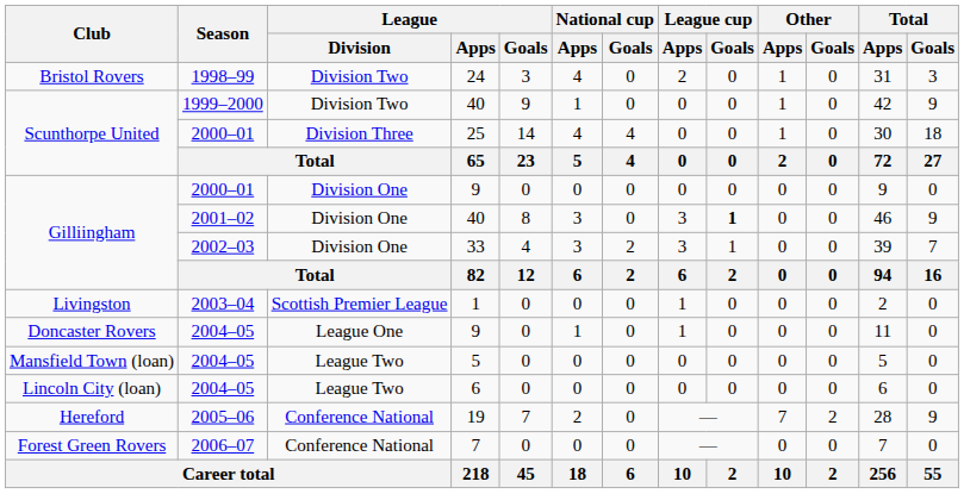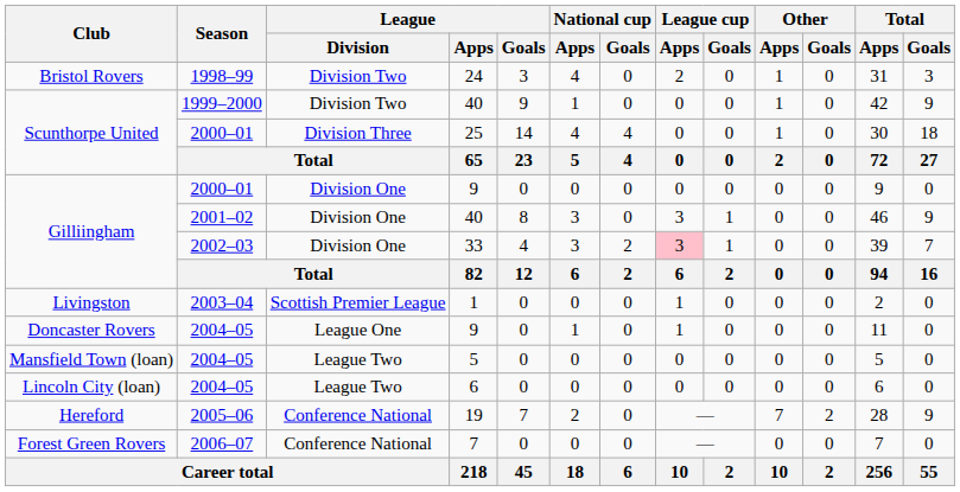 <table class="wikitable" style="text-align: center">
 <tr>
 <th rowspan="2">Club</th>
 <th rowspan="2">Season</th>
 <th colspan="3">League</th>
 <th colspan="2">National cup</th>
 <th colspan="2">League cup</th>
 <th colspan="2">Other</th>
 <th colspan="2">Total</th>
 </tr>
 <tr>
 <th>Division</th>
 <th>Apps</th>
 <th>Goals</th>
 <th>Apps</th>
 <th>Goals</th>
 <th>Apps</th>
 <th>Goals</th>
 <th>Apps</th>
 <th>Goals</th>
 <th>Apps</th>
 <th>Goals</th>
 </tr>
 <tr>
 <td><a href='#'>Bristol Rovers</a></td>
 <td><a href='#'>1998–99</a></td>
 <td><a href='#'>Division Two</a></td>
 <td>24</td>
 <td>3</td>
 <td>4</td>
 <td>0</td>
 <td>2</td>
 <td>0</td>
 <td>1</td>
 <td>0</td>
 <td>31</td>
 <td>3</td>
 </tr>
 <tr>
 <td rowspan="3"><a href='#'>Scunthorpe United</a></td>
 <td><a href='#'>1999–2000</a></td>
 <td>Division Two</td>
 <td>40</td>
 <td>9</td>
 <td>1</td>
 <td>0</td>
 <td>0</td>
 <td>0</td>
 <td>1</td>
 <td>0</td>
 <td>42</td>
 <td>9</td>
 </tr>
 <tr>
 <td><a href='#'>2000–01</a></td>
 <td><a href='#'>Division Three</a></td>
 <td>25</td>
 <td>14</td>
 <td>4</td>
 <td>4</td>
 <td>0</td>
 <td>0</td>
 <td>1</td>
 <td>0</td>
 <td>30</td>
 <td>18</td>
 </tr>
 <tr>
 <th colspan="2">Total</th>
 <th>65</th>
 <th>23</th>
 <th>5</th>
 <th>4</th>
 <th>0</th>
 <th>0</th>
 <th>2</th>
 <th>0</th>
 <th>72</th>
 <th>27</th>
 </tr>
 <tr>
 <td rowspan="4"><a href='#'>Gilliingham</a></td>
 <td><a href='#'>2000–01</a></td>
 <td><a href='#'>Division One</a></td>
 <td>9</td>
 <td>0</td>
 <td>0</td>
 <td>0</td>
 <td>0</td>
 <td>0</td>
 <td>0</td>
 <td>0</td>
 <td>9</td>
 <td>0</td>
 </tr>
 <tr>
 <td><a href='#'>2001–02</a></td>
 <td>Division One</td>
 <td>40</td>
 <td>8</td>
 <td>3</td>
 <td>0</td>
 <td>3</td>
-<td><strong>1</strong></td>
+<td>1</td>
 <td>0</td>
 <td>0</td>
 <td>46</td>
 <td>9</td>
 </tr>
 <tr>
 <td><a href='#'>2002–03</a></td>
 <td>Division One</td>
 <td>33</td>
 <td>4</td>
 <td>3</td>
 <td>2</td>
-<td>3</td>
+<td style="background: pink;">3</td>
 <td>1</td>
 <td>0</td>
 <td>0</td>
 <td>39</td>
 <td>7</td>
 </tr>
 <tr>
 <th colspan="2">Total</th>
 <th>82</th>
 <th>12</th>
 <th>6</th>
 <th>2</th>
 <th>6</th>
 <th>2</th>
 <th>0</th>
 <th>0</th>
 <th>94</th>
 <th>16</th>
 </tr>
 <tr>
 <td><a href='#'>Livingston</a></td>
 <td><a href='#'>2003–04</a></td>
 <td><a href='#'>Scottish Premier League</a></td>
 <td>1</td>
 <td>0</td>
 <td>0</td>
 <td>0</td>
 <td>1</td>
 <td>0</td>
 <td>0</td>
 <td>0</td>
 <td>2</td>
 <td>0</td>
 </tr>
 <tr>
 <td><a href='#'>Doncaster Rovers</a></td>
 <td><a href='#'>2004–05</a></td>
 <td>League One</td>
 <td>9</td>
 <td>0</td>
 <td>1</td>
 <td>0</td>
 <td>1</td>
 <td>0</td>
 <td>0</td>
 <td>0</td>
 <td>11</td>
 <td>0</td>
 </tr>
 <tr>
 <td><a href='#'>Mansfield Town</a> (loan)</td>
 <td><a href='#'>2004–05</a></td>
 <td>League Two</td>
 <td>5</td>
 <td>0</td>
 <td>0</td>
 <td>0</td>
 <td>0</td>
 <td>0</td>
 <td>0</td>
 <td>0</td>
 <td>5</td>
 <td>0</td>
 </tr>
 <tr>
 <td><a href='#'>Lincoln City</a> (loan)</td>
 <td><a href='#'>2004–05</a></td>
 <td>League Two</td>
 <td>6</td>
 <td>0</td>
 <td>0</td>
 <td>0</td>
 <td>0</td>
 <td>0</td>
 <td>0</td>
 <td>0</td>
 <td>6</td>
 <td>0</td>
 </tr>
 <tr>
 <td><a href='#'>Hereford</a></td>
 <td><a href='#'>2005–06</a></td>
 <td><a href='#'>Conference National</a></td>
 <td>19</td>
 <td>7</td>
 <td>2</td>
 <td>0</td>
 <td colspan="2">—</td>
 <td>7</td>
 <td>2</td>
 <td>28</td>
 <td>9</td>
 </tr>
 <tr>
 <td><a href='#'>Forest Green Rovers</a></td>
 <td><a href='#'>2006–07</a></td>
 <td>Conference National</td>
 <td>7</td>
 <td>0</td>
 <td>0</td>
 <td>0</td>
 <td colspan="2">—</td>
 <td>0</td>
 <td>0</td>
 <td>7</td>
 <td>0</td>
 </tr>
 <tr>
 <th colspan="3">Career total</th>
 <th>218</th>
 <th>45</th>
 <th>18</th>
 <th>6</th>
 <th>10</th>
 <th>2</th>
 <th>10</th>
 <th>2</th>
 <th>256</th>
 <th>55</th>
 </tr>
 </table>
